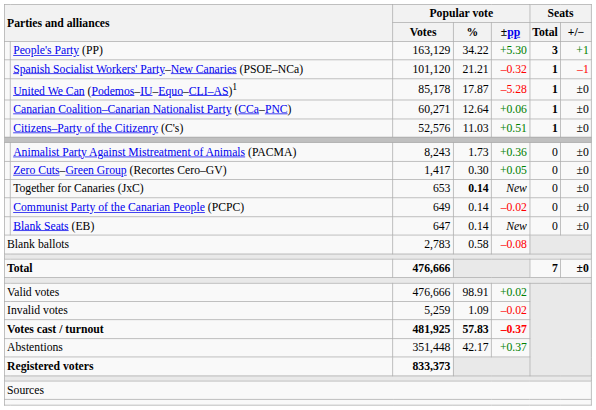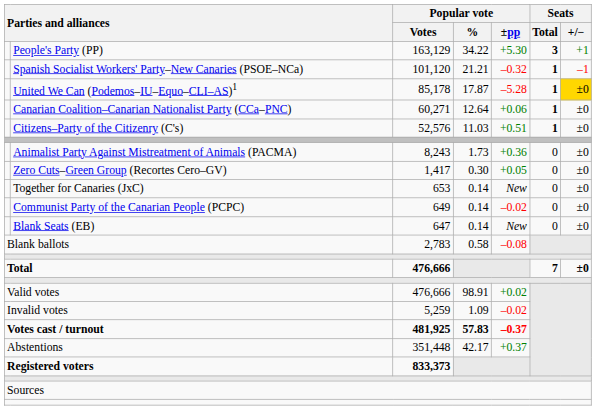 <table class="wikitable" style="text-align:right;">
 <tr>
 <th style="text-align:left;" rowspan="2" colspan="2" width="525">Parties and alliances</th>
 <th colspan="3">Popular vote</th>
 <th colspan="2">Seats</th>
 </tr>
 <tr>
 <th width="75">Votes</th>
 <th width="45">%</th>
 <th width="45">±<a href='#'>pp</a></th>
 <th width="35">Total</th>
 <th width="35">+/−</th>
 </tr>
 <tr>
 <td width="1" style="color:inherit;background:"></td>
 <td align="left"><a href='#'>People's Party</a> (PP)</td>
 <td>163,129</td>
 <td>34.22</td>
 <td style="color:green;">+5.30</td>
 <td><strong>3</strong></td>
 <td style="color:green;">+1</td>
 </tr>
 <tr>
 <td style="color:inherit;background:"></td>
 <td align="left"><a href='#'>Spanish Socialist Workers' Party</a>–<a href='#'>New Canaries</a> (PSOE–NCa)</td>
 <td>101,120</td>
 <td>21.21</td>
 <td style="color:red;">–0.32</td>
 <td><strong>1</strong></td>
 <td style="color:red;">–1</td>
 </tr>
 <tr>
 <td width="1" style="color:inherit;background:"></td>
 <td align="left"><a href='#'>United We Can</a> (<a href='#'>Podemos</a>–<a href='#'>IU</a>–<a href='#'>Equo</a>–<a href='#'>CLI–AS</a>)<sup>1</sup></td>
 <td>85,178</td>
 <td>17.87</td>
 <td style="color:red;">–5.28</td>
 <td><strong>1</strong></td>
-<td>±0</td>
+<td style="background: gold;">±0</td>
 </tr>
 <tr>
 <td style="color:inherit;background:"></td>
 <td align="left"><a href='#'>Canarian Coalition–Canarian Nationalist Party</a> (<a href='#'>CCa</a>–<a href='#'>PNC</a>)</td>
 <td>60,271</td>
 <td>12.64</td>
 <td style="color:green;">+0.06</td>
 <td><strong>1</strong></td>
 <td>±0</td>
 </tr>
 <tr>
 <td style="color:inherit;background:"></td>
 <td align="left"><a href='#'>Citizens–Party of the Citizenry</a> (C's)</td>
 <td>52,576</td>
 <td>11.03</td>
 <td style="color:green;">+0.51</td>
 <td><strong>1</strong></td>
 <td>±0</td>
 </tr>
 <tr>
 <td colspan="7" bgcolor="#C0C0C0"></td>
 </tr>
 <tr>
 <td style="color:inherit;background:"></td>
 <td align="left"><a href='#'>Animalist Party Against Mistreatment of Animals</a> (PACMA)</td>
 <td>8,243</td>
 <td>1.73</td>
 <td style="color:green;">+0.36</td>
 <td>0</td>
 <td>±0</td>
 </tr>
 <tr>
 <td style="color:inherit;background:"></td>
 <td align="left"><a href='#'>Zero Cuts</a>–<a href='#'>Green Group</a> (Recortes Cero–GV)</td>
 <td>1,417</td>
 <td>0.30</td>
 <td style="color:green;">+0.05</td>
 <td>0</td>
 <td>±0</td>
 </tr>
 <tr>
 <td style="color:inherit;background:"></td>
 <td align="left">Together for Canaries (JxC)</td>
 <td>653</td>
-<td><strong>0.14</strong></td>
+<td>0.14</td>
 <td><em>New</em></td>
 <td>0</td>
 <td>±0</td>
 </tr>
 <tr>
 <td style="color:inherit;background:"></td>
 <td align="left"><a href='#'>Communist Party of the Canarian People</a> (PCPC)</td>
 <td>649</td>
 <td>0.14</td>
 <td style="color:red;">–0.02</td>
 <td>0</td>
 <td>±0</td>
 </tr>
 <tr>
 <td style="color:inherit;background:"></td>
 <td align="left"><a href='#'>Blank Seats</a> (EB)</td>
 <td>647</td>
 <td>0.14</td>
 <td><em>New</em></td>
 <td>0</td>
 <td>±0</td>
 </tr>
 <tr>
 <td align="left" colspan="2">Blank ballots</td>
 <td>2,783</td>
 <td>0.58</td>
 <td style="color:red;">–0.08</td>
 <td bgcolor="#E9E9E9" colspan="2"></td>
 </tr>
 <tr>
 <td colspan="7" bgcolor="#E9E9E9"></td>
 </tr>
 <tr style="font-weight:bold;">
 <td align="left" colspan="2">Total</td>
 <td>476,666</td>
 <td bgcolor="#E9E9E9" colspan="2"></td>
 <td>7</td>
 <td>±0</td>
 </tr>
 <tr>
 <td colspan="7" bgcolor="#E9E9E9"></td>
 </tr>
 <tr>
 <td align="left" colspan="2">Valid votes</td>
 <td>476,666</td>
 <td>98.91</td>
 <td style="color:green;">+0.02</td>
 <td bgcolor="#E9E9E9" colspan="2" rowspan="5"></td>
 </tr>
 <tr>
 <td align="left" colspan="2">Invalid votes</td>
 <td>5,259</td>
 <td>1.09</td>
 <td style="color:red;">–0.02</td>
 </tr>
 <tr style="font-weight:bold;">
 <td align="left" colspan="2">Votes cast / turnout</td>
 <td>481,925</td>
 <td>57.83</td>
 <td style="color:red;">–0.37</td>
 </tr>
 <tr>
 <td align="left" colspan="2">Abstentions</td>
 <td>351,448</td>
 <td>42.17</td>
 <td style="color:green;">+0.37</td>
 </tr>
 <tr style="font-weight:bold;">
 <td align="left" colspan="2">Registered voters</td>
 <td>833,373</td>
 <td bgcolor="#E9E9E9" colspan="2"></td>
 </tr>
 <tr>
 <td colspan="7" bgcolor="#E9E9E9"></td>
 </tr>
 <tr>
 <td align="left" colspan="7">Sources</td>
 </tr>
 <tr>
 <td colspan="7" style="text-align:left; max-width:790px;"></td>
 </tr>
 </table>
